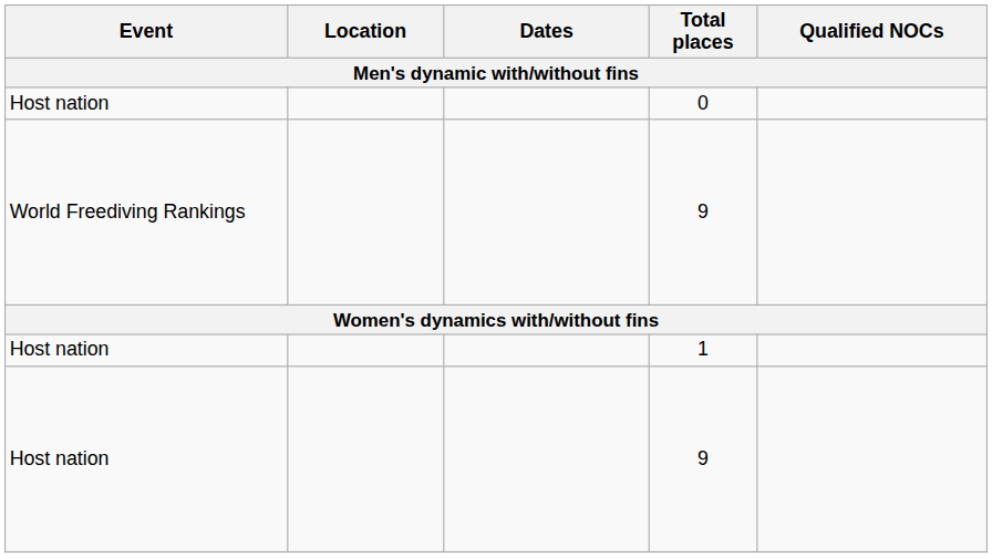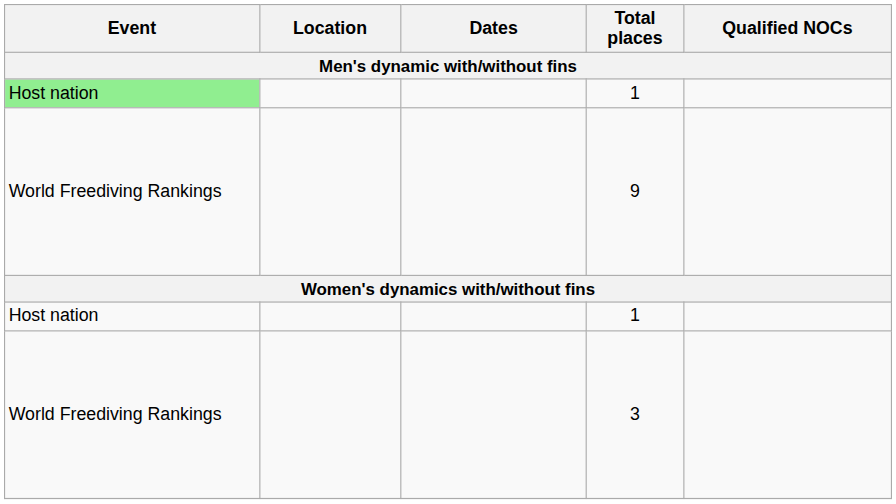 <table class="wikitable" width=800>
 <tr>
 <th>Event</th>
 <th width=120>Location</th>
 <th width=160>Dates</th>
 <th width=80>Total places</th>
 <th width=180>Qualified NOCs</th>
 </tr>
 <tr style="font-size:95%;">
 <th colspan=5>Men's dynamic with/without fins</th>
 </tr>
 <tr>
-<td>Host nation</td>
+<td style="background: lightgreen;">Host nation</td>
 <td></td>
 <td></td>
-<td align="center">0</td>
+<td align="center">1</td>
 <td></td>
 </tr>
 <tr>
 <td>World Freediving Rankings</td>
 <td></td>
 <td></td>
 <td align="center">9</td>
 <td><br><br><br><br><br><br><br><br></td>
 </tr>
 <tr style="font-size:95%;">
 <th colspan=5>Women's dynamics with/without fins</th>
 </tr>
 <tr>
 <td>Host nation</td>
 <td></td>
 <td></td>
 <td align="center">1</td>
 <td></td>
 </tr>
 <tr>
-<td>Host nation</td>
+<td>World Freediving Rankings</td>
 <td></td>
 <td></td>
-<td align="center">9</td>
+<td align="center">3</td>
 <td><br><br><br><br><br><br><br><br></td>
 </tr>
 <tr>
 </tr>
 </table>
